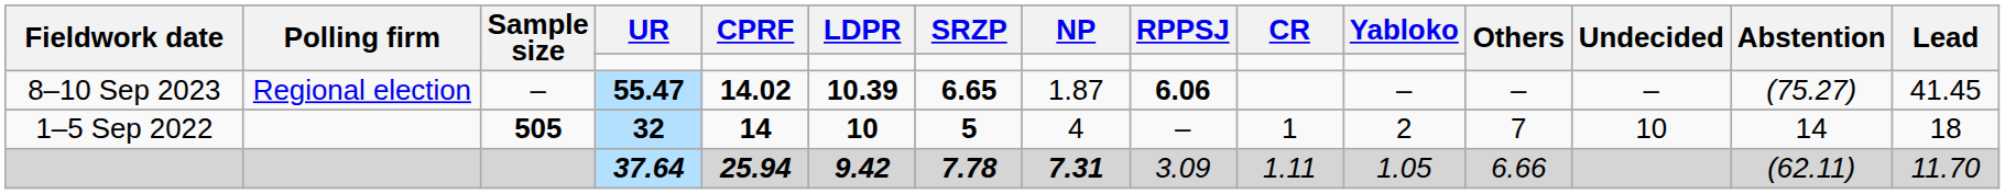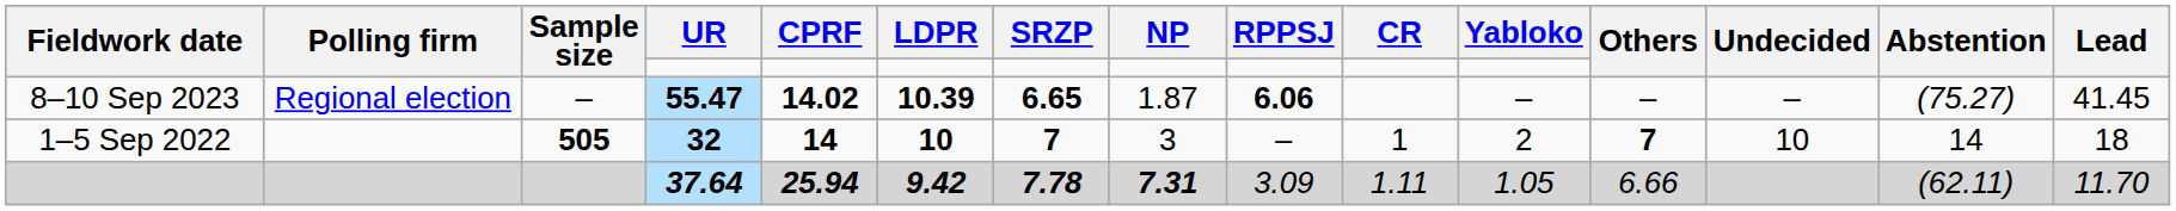 <table class=wikitable style="font-size:95%; line-height:14px; text-align:center">
 <tr>
 <th style=width:120px; rowspan=2>Fieldwork date</th>
 <th style=width:120px; rowspan=2>Polling firm</th>
 <th style=width:50px; rowspan=2>Sample<br>size</th>
 <th style="width:50px;"><a href='#'>UR</a></th>
 <th style="width:50px;"><a href='#'>CPRF</a></th>
 <th style="width:50px;"><a href='#'>LDPR</a></th>
 <th style="width:50px;"><a href='#'>SRZP</a></th>
 <th style="width:50px;"><a href='#'>NP</a></th>
 <th style="width:50px;"><a href='#'>RPPSJ</a></th>
 <th style="width:50px;"><a href='#'>CR</a></th>
 <th style="width:50px;"><a href='#'>Yabloko</a></th>
 <th style="width:50px;" rowspan=2>Others</th>
 <th style="width:50px;" rowspan=2>Undecided</th>
 <th style="width:50px;" rowspan=2>Abstention</th>
 <th style="width:50px;" rowspan="2">Lead</th>
 </tr>
 <tr>
 <td bgcolor=></td>
 <td bgcolor=></td>
 <td bgcolor=></td>
 <td bgcolor=></td>
 <td bgcolor=></td>
 <td bgcolor=></td>
 <td bgcolor=></td>
 <td bgcolor=></td>
 </tr>
 <tr>
 <td>8–10 Sep 2023</td>
 <td><a href='#'>Regional election</a></td>
 <td>–</td>
 <td style="background:#B3E0FF"><strong>55.47</strong></td>
 <td><strong>14.02</strong></td>
 <td><strong>10.39</strong></td>
 <td><strong>6.65</strong></td>
 <td>1.87</td>
 <td><strong>6.06</strong></td>
 <td></td>
 <td>–</td>
 <td>–</td>
 <td>–</td>
 <td><em>(75.27)</em></td>
 <td style="background:">41.45</td>
 </tr>
 <tr>
 <td>1–5 Sep 2022</td>
 <td></td>
 <td><strong>505</strong></td>
 <td style="background:#B3E0FF"><strong>32</strong></td>
 <td><strong>14</strong></td>
 <td><strong>10</strong></td>
-<td><strong>5</strong></td>
-<td>4</td>
+<td><strong>7</strong></td>
+<td>3</td>
 <td>–</td>
 <td>1</td>
 <td>2</td>
-<td>7</td>
+<td><strong>7</strong></td>
 <td>10</td>
 <td>14</td>
 <td style="background:">18</td>
 </tr>
 <tr style="background:#D5D5D5">
 <td></td>
 <td></td>
 <td></td>
 <td style="background:#B3E0FF"><strong><em>37.64</em></strong></td>
 <td><strong><em>25.94</em></strong></td>
 <td><strong><em>9.42</em></strong></td>
 <td><strong><em>7.78</em></strong></td>
 <td><strong><em>7.31</em></strong></td>
 <td><em>3.09</em></td>
 <td><em>1.11</em></td>
 <td><em>1.05</em></td>
 <td><em>6.66</em></td>
 <td></td>
 <td><em>(62.11)</em></td>
 <td style="background:"><em>11.70</em></td>
 </tr>
 </table>
